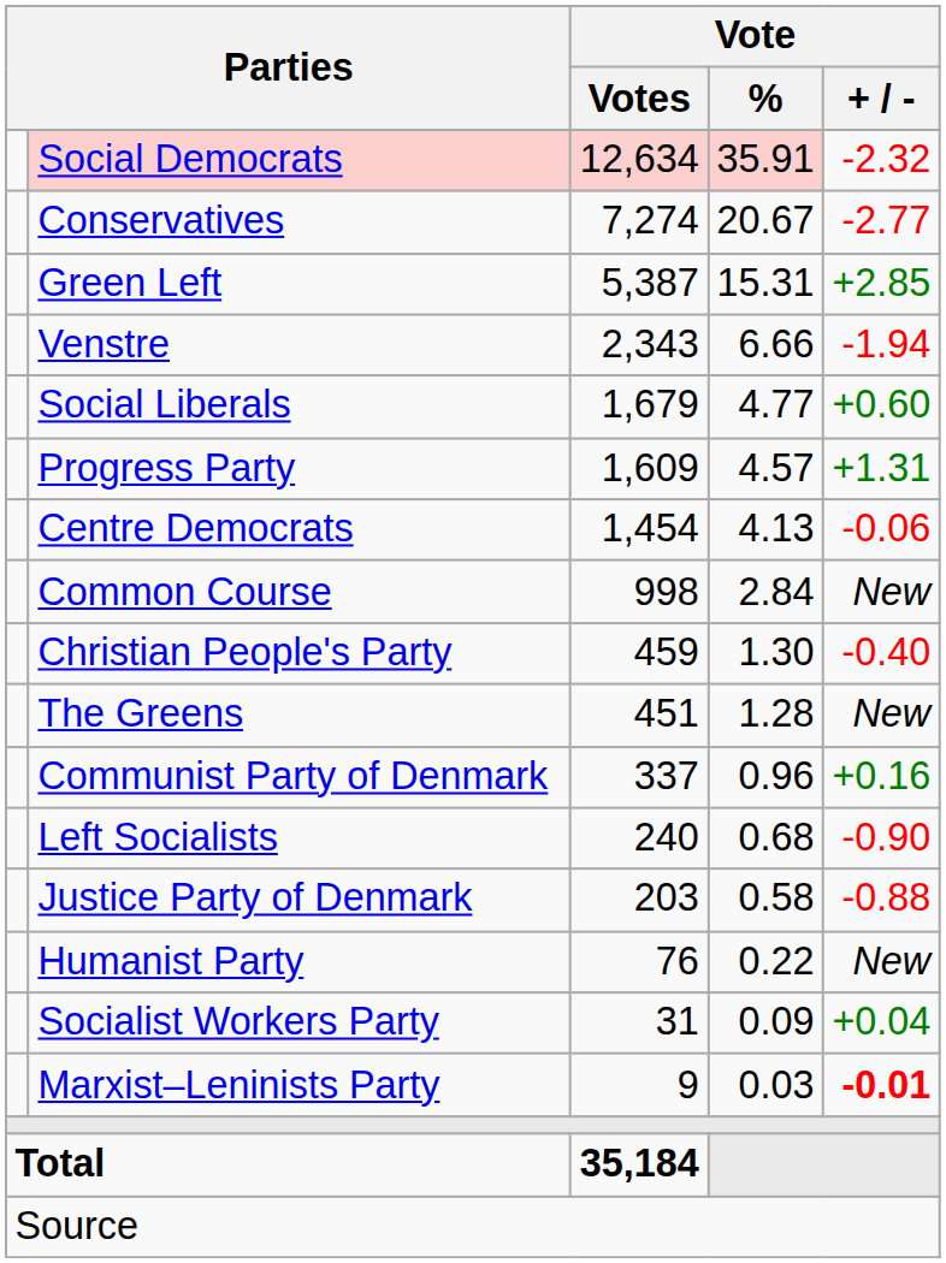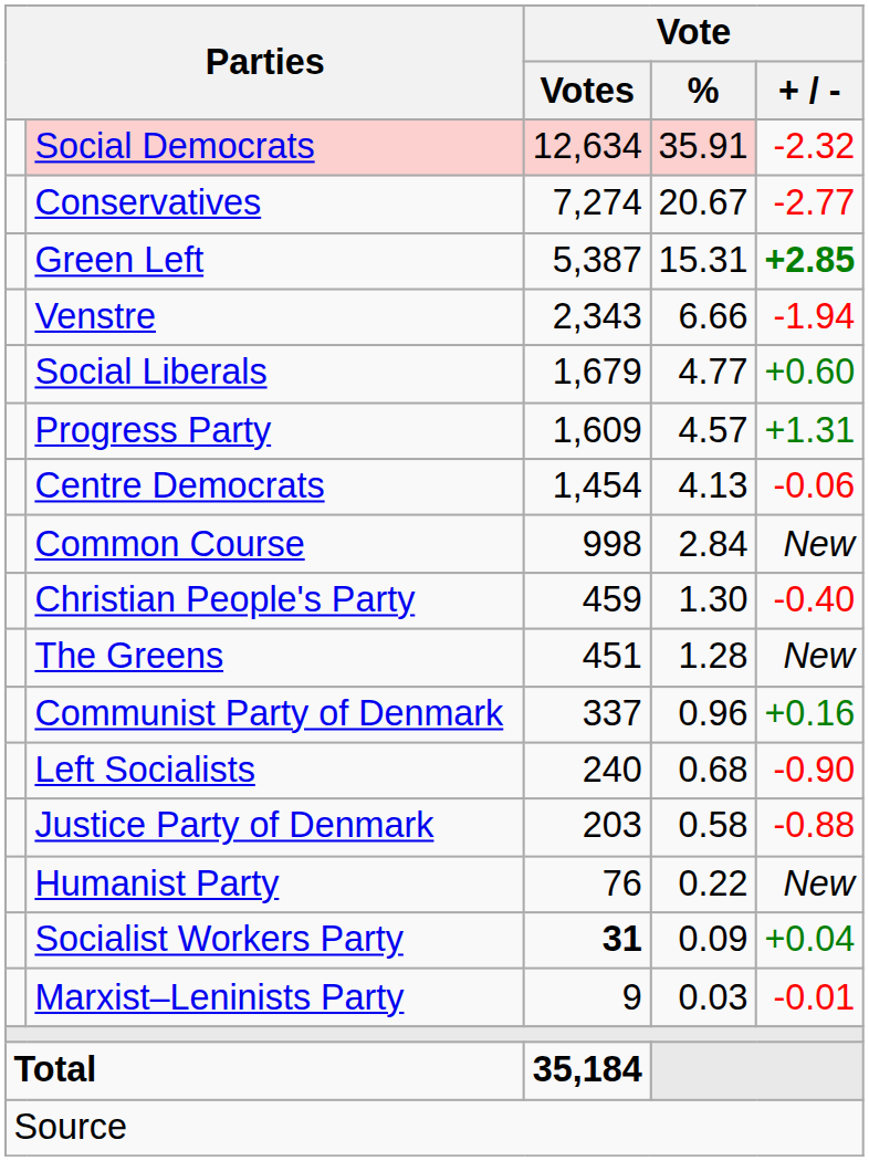 <table class="wikitable" style="text-align:right;">
 <tr>
 <th style="text-align:centre;" rowspan="2" colspan="2" width="225">Parties</th>
 <th colspan="3">Vote</th>
 </tr>
 <tr>
 <th width="15">Votes</th>
 <th width="15">%</th>
 <th width="15">+ / -</th>
 </tr>
 <tr>
 <td width="2" style="color:inherit;background:"></td>
 <td bgcolor=#fbd0ce  align="left"><a href='#'>Social Democrats</a></td>
 <td bgcolor=#fbd0ce>12,634</td>
 <td bgcolor=#fbd0ce>35.91</td>
 <td style=color:red;>-2.32</td>
 </tr>
 <tr>
 <td width="2" style="color:inherit;background:"></td>
 <td align="left"><a href='#'>Conservatives</a></td>
 <td>7,274</td>
 <td>20.67</td>
 <td style=color:red;>-2.77</td>
 </tr>
 <tr>
 <td width="2" style="color:inherit;background:"></td>
 <td align="left"><a href='#'>Green Left</a></td>
 <td>5,387</td>
 <td>15.31</td>
-<td style=color:green;>+2.85</td>
+<td style=color:green;><strong>+2.85</strong></td>
 </tr>
 <tr>
 <td width="2" style="color:inherit;background:"></td>
 <td align="left"><a href='#'>Venstre</a></td>
 <td>2,343</td>
 <td>6.66</td>
 <td style=color:red;>-1.94</td>
 </tr>
 <tr>
 <td width="2" style="color:inherit;background:"></td>
 <td align="left"><a href='#'>Social Liberals</a></td>
 <td>1,679</td>
 <td>4.77</td>
 <td style=color:green;>+0.60</td>
 </tr>
 <tr>
 <td width="2" style="color:inherit;background:"></td>
 <td align="left"><a href='#'>Progress Party</a></td>
 <td>1,609</td>
 <td>4.57</td>
 <td style=color:green;>+1.31</td>
 </tr>
 <tr>
 <td width="2" style="color:inherit;background:"></td>
 <td align="left"><a href='#'>Centre Democrats</a></td>
 <td>1,454</td>
 <td>4.13</td>
 <td style=color:red;>-0.06</td>
 </tr>
 <tr>
 <td width="2" style="color:inherit;background:"></td>
 <td align="left"><a href='#'>Common Course</a></td>
 <td>998</td>
 <td>2.84</td>
 <td><em>New</em></td>
 </tr>
 <tr>
 <td width="2" style="color:inherit;background:"></td>
 <td align="left"><a href='#'>Christian People's Party</a></td>
 <td>459</td>
 <td>1.30</td>
 <td style=color:red;>-0.40</td>
 </tr>
 <tr>
 <td width="2" style="color:inherit;background:"></td>
 <td align="left"><a href='#'>The Greens</a></td>
 <td>451</td>
 <td>1.28</td>
 <td><em>New</em></td>
 </tr>
 <tr>
 <td width="2" style="color:inherit;background:"></td>
 <td align="left"><a href='#'>Communist Party of Denmark</a></td>
 <td>337</td>
 <td>0.96</td>
 <td style=color:green;>+0.16</td>
 </tr>
 <tr>
 <td width="2" style="color:inherit;background:"></td>
 <td align="left"><a href='#'>Left Socialists</a></td>
 <td>240</td>
 <td>0.68</td>
 <td style=color:red;>-0.90</td>
 </tr>
 <tr>
 <td width="2" style="color:inherit;background:"></td>
 <td align="left"><a href='#'>Justice Party of Denmark</a></td>
 <td>203</td>
 <td>0.58</td>
 <td style=color:red;>-0.88</td>
 </tr>
 <tr>
 <td width="2" style="color:inherit;background:"></td>
 <td align="left"><a href='#'>Humanist Party</a></td>
 <td>76</td>
 <td>0.22</td>
 <td><em>New</em></td>
 </tr>
 <tr>
 <td width="2" style="color:inherit;background:"></td>
 <td align="left"><a href='#'>Socialist Workers Party</a></td>
-<td>31</td>
+<td><strong>31</strong></td>
 <td>0.09</td>
 <td style=color:green;>+0.04</td>
 </tr>
 <tr>
 <td width="2" style="color:inherit;background:"></td>
 <td align="left"><a href='#'>Marxist–Leninists Party</a></td>
 <td>9</td>
 <td>0.03</td>
-<td style=color:red;><strong>-0.01</strong></td>
+<td style=color:red;>-0.01</td>
 </tr>
 <tr>
 <td colspan="7" bgcolor="#E9E9E9"></td>
 </tr>
 <tr>
 <td align="left" colspan="2"><strong>Total</strong></td>
 <td><strong>35,184</strong></td>
 <td bgcolor="#E9E9E9" colspan="2"></td>
 </tr>
 <tr>
 <td align="left" colspan="6">Source</td>
 </tr>
 </table>
